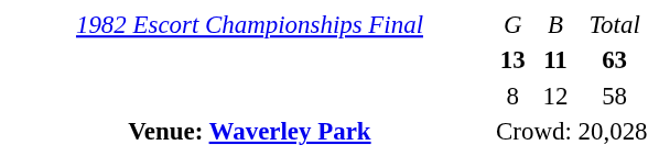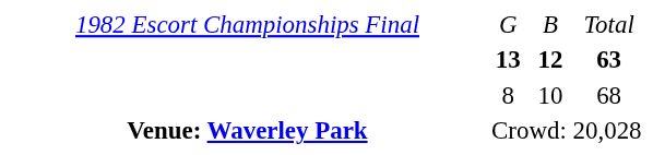 <table style="margin-right:4px; margin-top:8px; float:right; border:1px No. 000 solid; border-radius:8px; background:#fff; font-family:Verdana; font-size:8pt; text-align:center;">
 <tr>
 <td width=200><em><a href='#'>1982 Escort Championships Final</a></em></td>
 <td><em>G</em></td>
 <td><em>B</em></td>
 <td><em>Total</em></td>
 </tr>
 <tr>
 <td style="text-align:left"></td>
 <td><strong>13</strong></td>
-<td><strong>11</strong></td>
+<td><strong>12</strong></td>
 <td><strong>63</strong></td>
 </tr>
 <tr>
 <td style="text-align:left"></td>
 <td>8</td>
-<td>12</td>
-<td>58</td>
+<td>10</td>
+<td>68</td>
 </tr>
 <tr>
 <td><strong>Venue: <a href='#'>Waverley Park</a></strong></td>
 <td colspan=3>Crowd: 20,028</td>
 </tr>
 </table>
